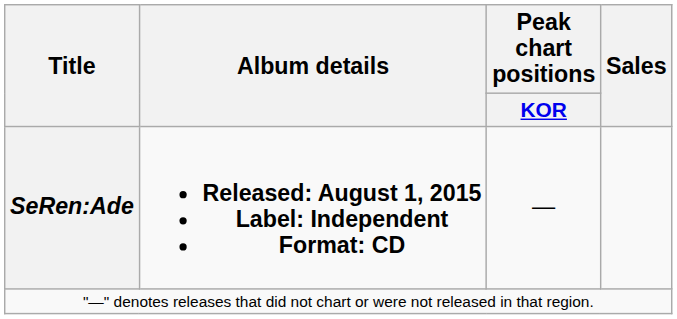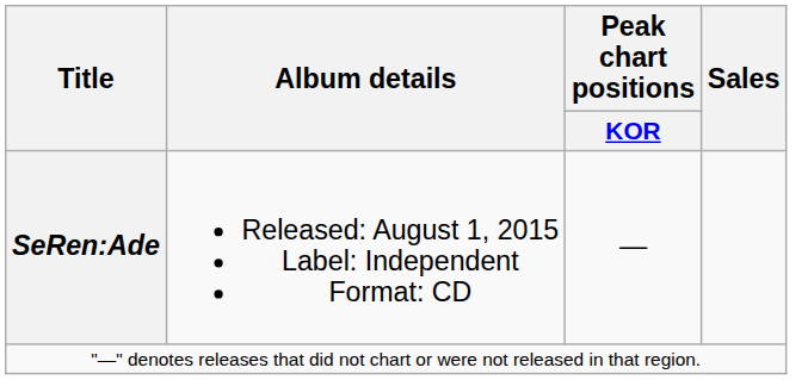 <table class="wikitable plainrowheaders" style="text-align:center;">
 <tr>
 <th scope="col" rowspan="2">Title</th>
 <th scope="col" rowspan="2">Album details</th>
 <th scope="col">Peak chart positions</th>
 <th scope="col" rowspan="2">Sales</th>
 </tr>
 <tr>
 <th scope="col" style="width:3em;font-size:90%;"><a href='#'>KOR</a><br></th>
 </tr>
 <tr>
 <th scope="row"><em>SeRen:Ade</em></th>
-<td><strong><br><ul><li>Released: August 1, 2015</li><li>Label: Independent</li><li>Format: CD</li></ul></strong></td>
+<td><br><ul><li>Released: August 1, 2015</li><li>Label: Independent</li><li>Format: CD</li></ul></td>
 <td>—</td>
 <td></td>
 </tr>
 <tr>
 <td colspan="6" style="font-size:8pt">"—" denotes releases that did not chart or were not released in that region.</td>
 </tr>
 </table>
